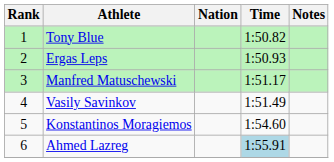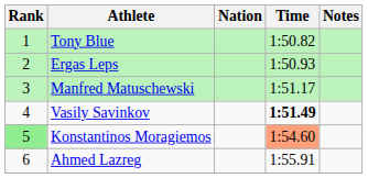 <table class="wikitable sortable" style="text-align:center">
 <tr>
 <th>Rank</th>
 <th>Athlete</th>
 <th>Nation</th>
 <th>Time</th>
 <th>Notes</th>
 </tr>
 <tr bgcolor=bbf3bb>
 <td>1</td>
 <td align=left><a href='#'>Tony Blue</a></td>
 <td align=left></td>
 <td>1:50.82</td>
 <td></td>
 </tr>
 <tr bgcolor=bbf3bb>
 <td>2</td>
 <td align=left><a href='#'>Ergas Leps</a></td>
 <td align=left></td>
 <td>1:50.93</td>
 <td></td>
 </tr>
 <tr bgcolor=bbf3bb>
 <td>3</td>
 <td align=left><a href='#'>Manfred Matuschewski</a></td>
 <td align=left></td>
 <td>1:51.17</td>
 <td></td>
 </tr>
 <tr>
 <td>4</td>
 <td align=left><a href='#'>Vasily Savinkov</a></td>
 <td align=left></td>
-<td>1:51.49</td>
+<td><strong>1:51.49</strong></td>
 <td></td>
 </tr>
 <tr>
-<td>5</td>
+<td style="background: lightgreen;">5</td>
 <td align=left><a href='#'>Konstantinos Moragiemos</a></td>
 <td align=left></td>
-<td>1:54.60</td>
+<td style="background: lightsalmon;">1:54.60</td>
 <td></td>
 </tr>
 <tr>
 <td>6</td>
 <td align=left><a href='#'>Ahmed Lazreg</a></td>
 <td align=left></td>
-<td style="background: lightblue;">1:55.91</td>
+<td>1:55.91</td>
 <td></td>
 </tr>
 <tr>
 </tr>
 </table>
